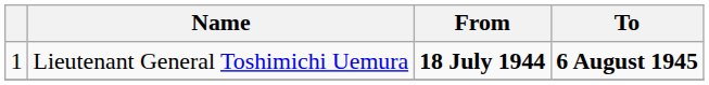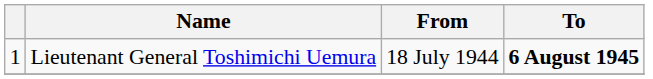 <table class=wikitable>
 <tr>
 <th></th>
 <th>Name</th>
 <th>From</th>
 <th>To</th>
 </tr>
 <tr>
 <td>1</td>
 <td>Lieutenant General <a href='#'>Toshimichi Uemura</a></td>
-<td><strong>18 July 1944</strong></td>
+<td>18 July 1944</td>
 <td><strong>6 August 1945</strong></td>
 </tr>
 <tr>
 </tr>
 </table>
